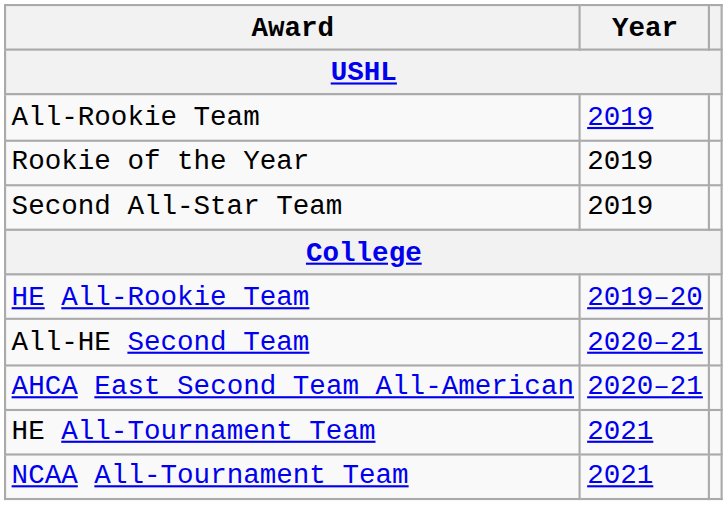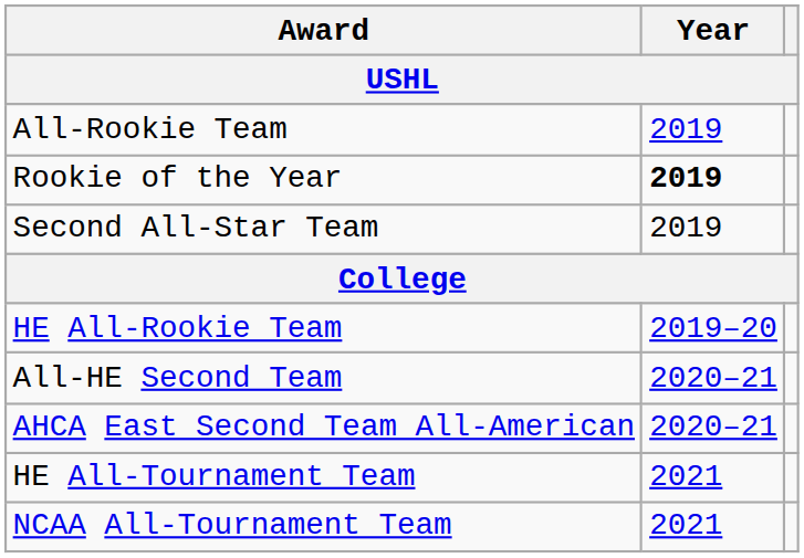 <table class="wikitable">
 <tr>
 <th>Award</th>
 <th>Year</th>
 <th></th>
 </tr>
 <tr ALIGN="center" bgcolor="#e0e0e0">
 <th colspan="3"><a href='#'>USHL</a></th>
 </tr>
 <tr>
 <td>All-Rookie Team</td>
 <td><a href='#'>2019</a></td>
 <td></td>
 </tr>
 <tr>
 <td>Rookie of the Year</td>
-<td>2019</td>
+<td><strong>2019</strong></td>
 <td></td>
 </tr>
 <tr>
 <td>Second All-Star Team</td>
 <td>2019</td>
 <td></td>
 </tr>
 <tr ALIGN="center" bgcolor="#e0e0e0">
 <th colspan="3"><a href='#'>College</a></th>
 </tr>
 <tr>
 <td><a href='#'>HE</a> <a href='#'>All-Rookie Team</a></td>
 <td><a href='#'>2019–20</a></td>
 <td></td>
 </tr>
 <tr>
 <td>All-HE <a href='#'>Second Team</a></td>
 <td><a href='#'>2020–21</a></td>
 <td></td>
 </tr>
 <tr>
 <td><a href='#'>AHCA</a> <a href='#'>East Second Team All-American</a></td>
 <td><a href='#'>2020–21</a></td>
 <td></td>
 </tr>
 <tr>
 <td>HE <a href='#'>All-Tournament Team</a></td>
 <td><a href='#'>2021</a></td>
 <td></td>
 </tr>
 <tr>
 <td><a href='#'>NCAA</a> <a href='#'>All-Tournament Team</a></td>
 <td><a href='#'>2021</a></td>
 <td></td>
 </tr>
 </table>
